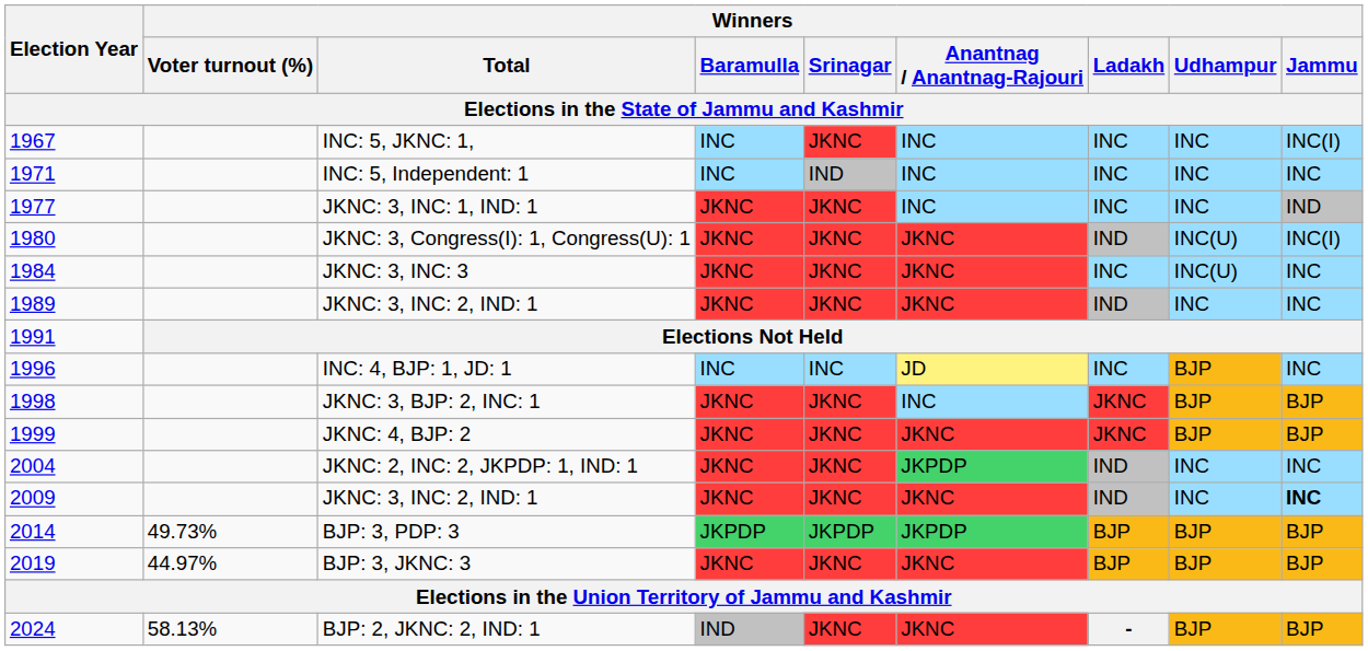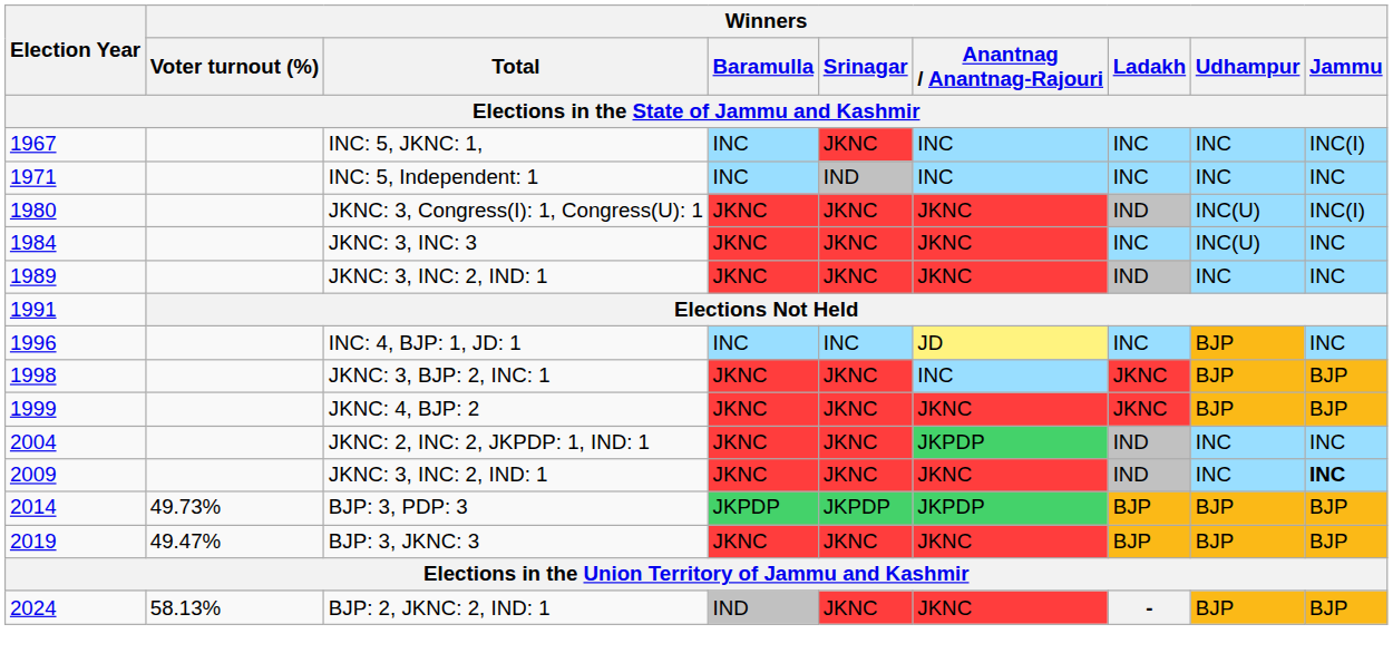 <table class="wikitable">
 <tr>
 <th rowspan="2">Election Year</th>
 <th colspan="8">Winners</th>
 </tr>
 <tr>
 <th>Voter turnout (%)</th>
 <th>Total</th>
 <th><a href='#'>Baramulla</a></th>
 <th><a href='#'>Srinagar</a></th>
 <th><a href='#'>Anantnag</a><br>/ <a href='#'>Anantnag-Rajouri</a></th>
 <th><a href='#'>Ladakh</a></th>
 <th><a href='#'>Udhampur</a></th>
 <th><a href='#'>Jammu</a></th>
 </tr>
 <tr>
 <th colspan="9">Elections in the <a href='#'>State of Jammu and Kashmir</a></th>
 </tr>
 <tr>
 <td><a href='#'>1967</a></td>
 <td></td>
 <td>INC: 5, JKNC: 1,</td>
 <td bgcolor=#99DEFF>INC</td>
 <td bgcolor=#FF3D3D>JKNC</td>
 <td bgcolor=#99DEFF>INC</td>
 <td bgcolor=#99DEFF>INC</td>
 <td bgcolor=#99DEFF>INC</td>
 <td bgcolor=#99DEFF>INC(I)</td>
 </tr>
 <tr>
 <td><a href='#'>1971</a></td>
 <td></td>
 <td>INC: 5, Independent: 1</td>
 <td bgcolor=#99DEFF>INC</td>
 <td bgcolor=#C1C1C1>IND</td>
 <td bgcolor=#99DEFF>INC</td>
 <td bgcolor=#99DEFF>INC</td>
 <td bgcolor=#99DEFF>INC</td>
 <td bgcolor=#99DEFF>INC</td>
-</tr>
-<tr>
-<td><a href='#'>1977</a></td>
-<td></td>
-<td>JKNC: 3, INC: 1, IND: 1</td>
-<td bgcolor=#FF3D3D>JKNC</td>
-<td bgcolor=#FF3D3D>JKNC</td>
-<td bgcolor=#99DEFF>INC</td>
-<td bgcolor=#99DEFF>INC</td>
-<td bgcolor=#99DEFF>INC</td>
-<td bgcolor=#C1C1C1>IND</td>
 </tr>
 <tr>
 <td><a href='#'>1980</a></td>
 <td></td>
 <td>JKNC: 3, Congress(I): 1, Congress(U): 1</td>
 <td bgcolor=#FF3D3D>JKNC</td>
 <td bgcolor=#FF3D3D>JKNC</td>
 <td bgcolor=#FF3D3D>JKNC</td>
 <td bgcolor=#C1C1C1>IND</td>
 <td bgcolor=#99DEFF>INC(U)</td>
 <td bgcolor=#99DEFF>INC(I)</td>
 </tr>
 <tr>
 <td><a href='#'>1984</a></td>
 <td></td>
 <td>JKNC: 3, INC: 3</td>
 <td bgcolor=#FF3D3D>JKNC</td>
 <td bgcolor=#FF3D3D>JKNC</td>
 <td bgcolor=#FF3D3D>JKNC</td>
 <td bgcolor=#99DEFF>INC</td>
 <td bgcolor=#99DEFF>INC(U)</td>
 <td bgcolor=#99DEFF>INC</td>
 </tr>
 <tr>
 <td><a href='#'>1989</a></td>
 <td></td>
 <td>JKNC: 3, INC: 2, IND: 1</td>
 <td bgcolor=#FF3D3D>JKNC</td>
 <td bgcolor=#FF3D3D>JKNC</td>
 <td bgcolor=#FF3D3D>JKNC</td>
 <td bgcolor=#C1C1C1>IND</td>
 <td bgcolor=#99DEFF>INC</td>
 <td bgcolor=#99DEFF>INC</td>
 </tr>
 <tr>
 <td><a href='#'>1991</a></td>
 <th colspan="8">Elections Not Held</th>
 </tr>
 <tr>
 <td><a href='#'>1996</a></td>
 <td></td>
 <td>INC: 4, BJP: 1, JD: 1</td>
 <td bgcolor=#99DEFF>INC</td>
 <td bgcolor=#99DEFF>INC</td>
 <td bgcolor=#FFF37F>JD</td>
 <td bgcolor=#99DEFF>INC</td>
 <td bgcolor=#FBB917>BJP</td>
 <td bgcolor=#99DEFF>INC</td>
 </tr>
 <tr>
 <td><a href='#'>1998</a></td>
 <td></td>
 <td>JKNC: 3, BJP: 2, INC: 1</td>
 <td bgcolor=#FF3D3D>JKNC</td>
 <td bgcolor=#FF3D3D>JKNC</td>
 <td bgcolor=#99DEFF>INC</td>
 <td bgcolor=#FF3D3D>JKNC</td>
 <td bgcolor=#FBB917>BJP</td>
 <td bgcolor=#FBB917>BJP</td>
 </tr>
 <tr>
 <td><a href='#'>1999</a></td>
 <td></td>
 <td>JKNC: 4, BJP: 2</td>
 <td bgcolor=#FF3D3D>JKNC</td>
 <td bgcolor=#FF3D3D>JKNC</td>
 <td bgcolor=#FF3D3D>JKNC</td>
 <td bgcolor=#FF3D3D>JKNC</td>
 <td bgcolor=#FBB917>BJP</td>
 <td bgcolor=#FBB917>BJP</td>
 </tr>
 <tr>
 <td><a href='#'>2004</a></td>
 <td></td>
 <td>JKNC: 2, INC: 2, JKPDP: 1, IND: 1</td>
 <td bgcolor=#FF3D3D>JKNC</td>
 <td bgcolor=#FF3D3D>JKNC</td>
 <td bgcolor=#44D26A>JKPDP</td>
 <td bgcolor=#C1C1C1>IND</td>
 <td bgcolor=#99DEFF>INC</td>
 <td bgcolor=#99DEFF>INC</td>
 </tr>
 <tr>
 <td><a href='#'>2009</a></td>
 <td></td>
 <td>JKNC: 3, INC: 2, IND: 1</td>
 <td bgcolor=#FF3D3D>JKNC</td>
 <td bgcolor=#FF3D3D>JKNC</td>
 <td bgcolor=#FF3D3D>JKNC</td>
 <td bgcolor=#C1C1C1>IND</td>
 <td bgcolor=#99DEFF>INC</td>
 <td bgcolor=#99DEFF><strong>INC</strong></td>
 </tr>
 <tr>
 <td><a href='#'>2014</a></td>
 <td>49.73%</td>
 <td>BJP: 3, PDP: 3</td>
 <td bgcolor=#44D26A>JKPDP</td>
 <td bgcolor=#44D26A>JKPDP</td>
 <td bgcolor=#44D26A>JKPDP</td>
 <td bgcolor=#FBB917>BJP</td>
 <td bgcolor=#FBB917>BJP</td>
 <td bgcolor=#FBB917>BJP</td>
 </tr>
 <tr>
 <td><a href='#'>2019</a></td>
-<td>44.97%</td>
+<td>49.47%</td>
 <td>BJP: 3, JKNC: 3</td>
 <td bgcolor=#FF3D3D>JKNC</td>
 <td bgcolor=#FF3D3D>JKNC</td>
 <td bgcolor=#FF3D3D>JKNC</td>
 <td bgcolor=#FBB917>BJP</td>
 <td bgcolor=#FBB917>BJP</td>
 <td bgcolor=#FBB917>BJP</td>
 </tr>
 <tr>
 <th colspan="9">Elections in the <a href='#'>Union Territory of Jammu and Kashmir</a></th>
 </tr>
 <tr>
 <td><a href='#'>2024</a></td>
 <td>58.13%</td>
 <td>BJP: 2, JKNC: 2, IND: 1</td>
 <td bgcolor=#C1C1C1>IND</td>
 <td bgcolor=#FF3D3D>JKNC</td>
 <td bgcolor=#FF3D3D>JKNC</td>
 <th>-</th>
 <td bgcolor=#FBB917>BJP</td>
 <td bgcolor=#FBB917>BJP</td>
 </tr>
 </table>
